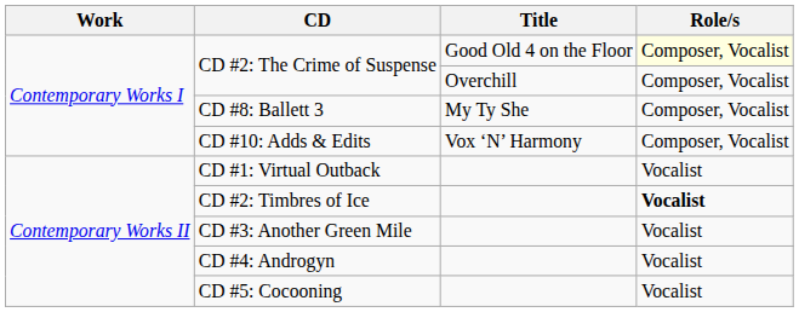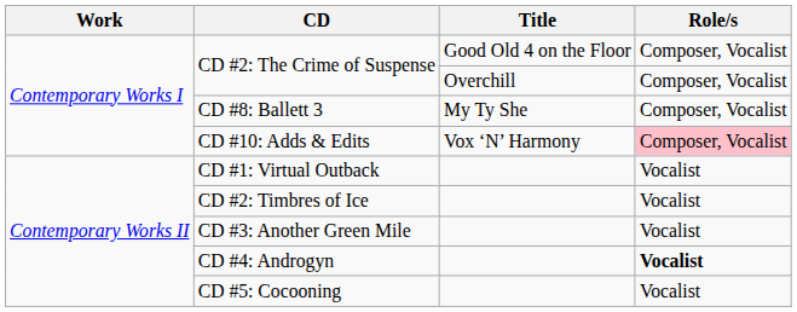 <table class="wikitable">
 <tr>
 <th>Work</th>
 <th>CD</th>
 <th>Title</th>
 <th>Role/s</th>
 </tr>
 <tr>
 <td rowspan="4"><em><a href='#'>Contemporary Works I</a></em></td>
 <td rowspan="2">CD #2: The Crime of Suspense</td>
 <td>Good Old 4 on the Floor</td>
-<td style="background: lightyellow;">Composer, Vocalist</td>
+<td>Composer, Vocalist</td>
 </tr>
 <tr>
 <td>Overchill</td>
 <td>Composer, Vocalist</td>
 </tr>
 <tr>
 <td>CD #8: Ballett 3</td>
 <td>My Ty She</td>
 <td>Composer, Vocalist</td>
 </tr>
 <tr>
 <td>CD #10: Adds & Edits</td>
 <td>Vox ‘N’ Harmony</td>
-<td>Composer, Vocalist</td>
+<td style="background: pink;">Composer, Vocalist</td>
 </tr>
 <tr>
 <td rowspan="5"><em><a href='#'>Contemporary Works II</a></em></td>
 <td>CD #1: Virtual Outback</td>
 <td></td>
 <td>Vocalist</td>
 </tr>
 <tr>
 <td>CD #2: Timbres of Ice</td>
 <td></td>
-<td><strong>Vocalist</strong></td>
+<td>Vocalist</td>
 </tr>
 <tr>
 <td>CD #3: Another Green Mile</td>
 <td></td>
 <td>Vocalist</td>
 </tr>
 <tr>
 <td>CD #4: Androgyn</td>
 <td></td>
-<td>Vocalist</td>
+<td><strong>Vocalist</strong></td>
 </tr>
 <tr>
 <td>CD #5: Cocooning</td>
 <td></td>
 <td>Vocalist</td>
 </tr>
 </table>
